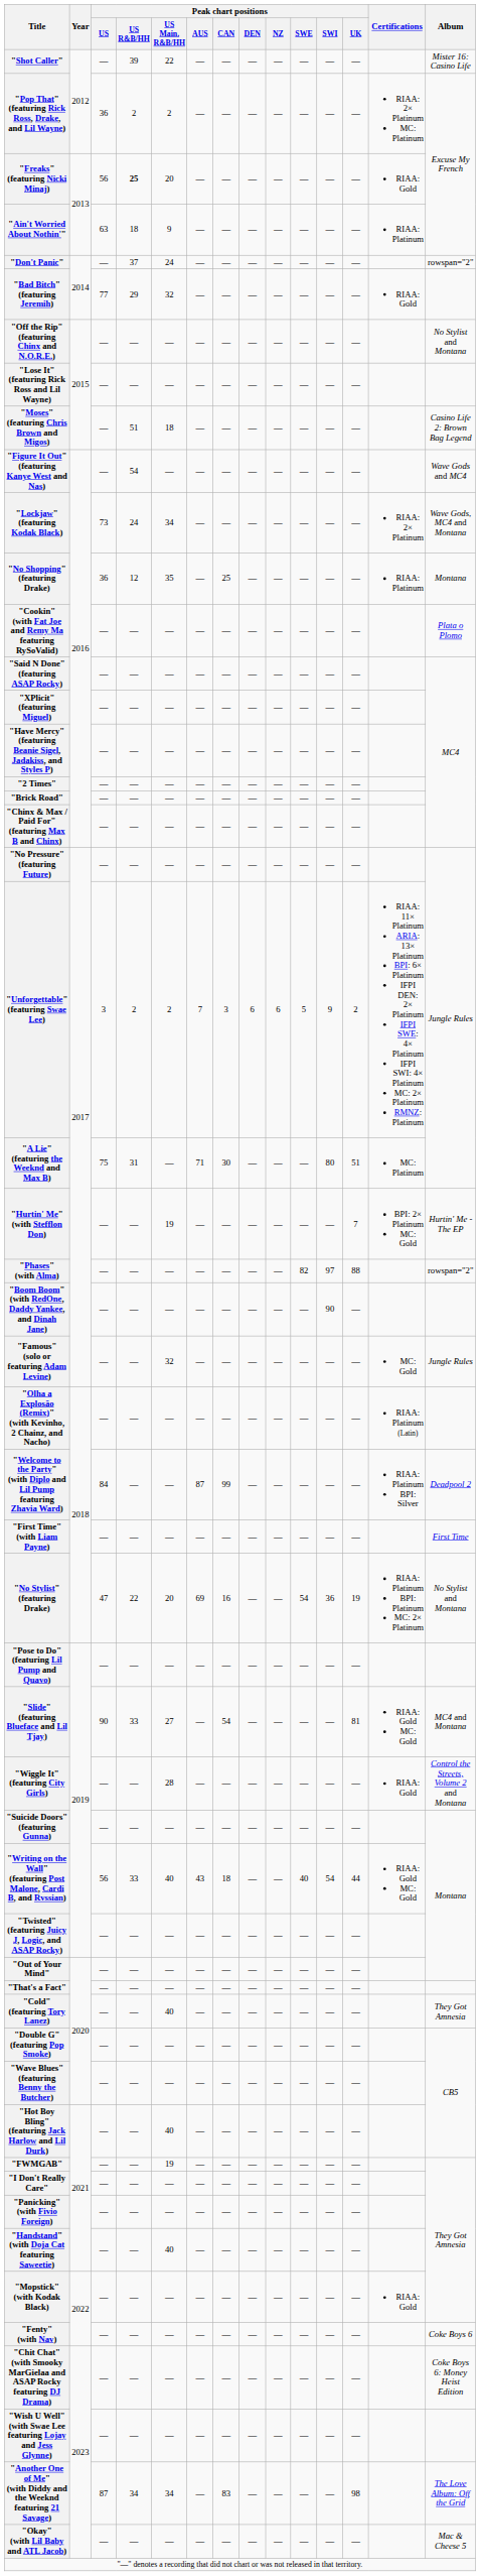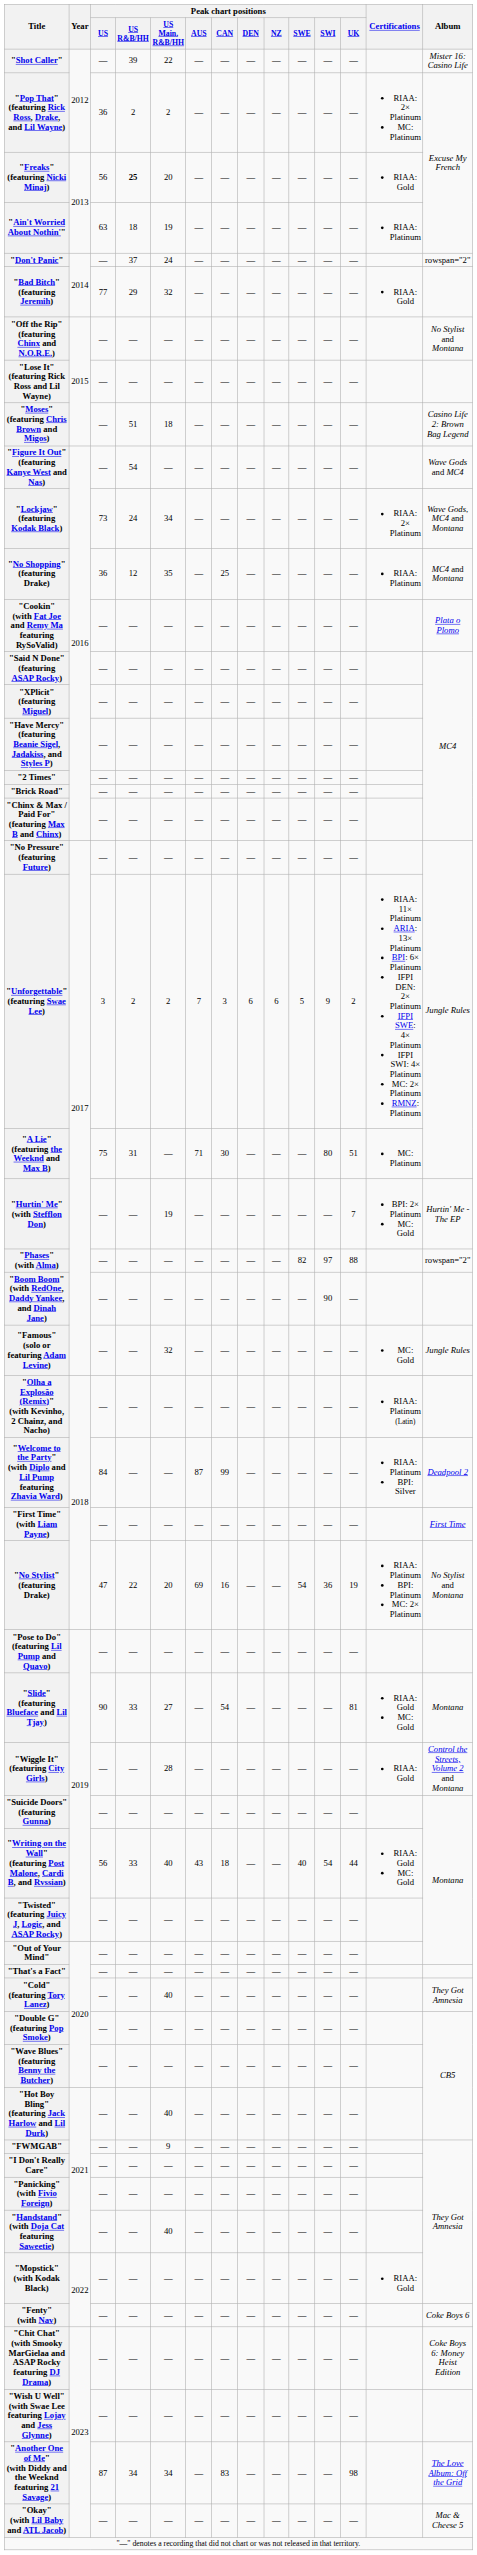 <table class="wikitable plainrowheaders" style="text-align:center;">
 <tr>
 <th scope="col" rowspan="2">Title</th>
 <th scope="col" rowspan="2">Year</th>
 <th scope="col" colspan="10">Peak chart positions</th>
 <th scope="col" rowspan="2"><a href='#'>Certifications</a></th>
 <th scope="col" rowspan="2">Album</th>
 </tr>
 <tr>
 <th scope="col" style="width:3em;font-size:90%;"><a href='#'>US</a><br></th>
 <th scope="col" style="width:3em;font-size:90%;"><a href='#'>US<br>R&B/HH</a><br></th>
 <th scope="col" style="width:3em;font-size:90%;"><a href='#'>US<br>Main.<br>R&B/HH</a><br></th>
 <th scope="col" style="width:3em;font-size:90%;"><a href='#'>AUS</a><br></th>
 <th scope="col" style="width:3em;font-size:90%;"><a href='#'>CAN</a><br></th>
 <th scope="col" style="width:3em;font-size:90%;"><a href='#'>DEN</a><br></th>
 <th scope="col" style="width:3em;font-size:90%;"><a href='#'>NZ</a><br></th>
 <th scope="col" style="width:3em;font-size:90%;"><a href='#'>SWE</a><br></th>
 <th scope="col" style="width:3em;font-size:90%;"><a href='#'>SWI</a><br></th>
 <th scope="col" style="width:3em;font-size:90%;"><a href='#'>UK</a><br></th>
 </tr>
 <tr>
 <th scope="row">"<a href='#'>Shot Caller</a>"</th>
 <td rowspan="2">2012</td>
 <td>—</td>
 <td>39</td>
 <td>22</td>
 <td>—</td>
 <td>—</td>
 <td>—</td>
 <td>—</td>
 <td>—</td>
 <td>—</td>
 <td>—</td>
 <td></td>
 <td><em>Mister 16: Casino Life</em></td>
 </tr>
 <tr>
 <th scope="row">"<a href='#'>Pop That</a>"<br><span>(featuring <a href='#'>Rick Ross</a>, <a href='#'>Drake</a>, and <a href='#'>Lil Wayne</a>)</span></th>
 <td>36</td>
 <td>2</td>
 <td>2</td>
 <td>—</td>
 <td>—</td>
 <td>—</td>
 <td>—</td>
 <td>—</td>
 <td>—</td>
 <td>—</td>
 <td><br><ul><li>RIAA: 2× Platinum</li><li>MC: Platinum</li></ul></td>
 <td rowspan="3"><em>Excuse My French</em></td>
 </tr>
 <tr>
 <th scope="row">"<a href='#'>Freaks</a>"<br><span>(featuring <a href='#'>Nicki Minaj</a>)</span></th>
 <td rowspan="2">2013</td>
 <td>56</td>
 <td><strong>25</strong></td>
 <td>20</td>
 <td>—</td>
 <td>—</td>
 <td>—</td>
 <td>—</td>
 <td>—</td>
 <td>—</td>
 <td>—</td>
 <td><br><ul><li>RIAA: Gold</li></ul></td>
 </tr>
 <tr>
 <th scope="row">"<a href='#'>Ain't Worried About Nothin'</a>"</th>
 <td>63</td>
 <td>18</td>
-<td>9</td>
+<td>19</td>
 <td>—</td>
 <td>—</td>
 <td>—</td>
 <td>—</td>
 <td>—</td>
 <td>—</td>
 <td>—</td>
 <td><br><ul><li>RIAA: Platinum</li></ul></td>
 </tr>
 <tr>
 <th scope="row">"<a href='#'>Don't Panic</a>"</th>
 <td rowspan="2">2014</td>
 <td>—</td>
 <td>37</td>
 <td>24</td>
 <td>—</td>
 <td>—</td>
 <td>—</td>
 <td>—</td>
 <td>—</td>
 <td>—</td>
 <td>—</td>
 <td></td>
 <td>rowspan="2" </td>
 </tr>
 <tr>
 <th scope="row">"<a href='#'>Bad Bitch</a>"<br><span>(featuring <a href='#'>Jeremih</a>)</span></th>
 <td>77</td>
 <td>29</td>
 <td>32</td>
 <td>—</td>
 <td>—</td>
 <td>—</td>
 <td>—</td>
 <td>—</td>
 <td>—</td>
 <td>—</td>
 <td><br><ul><li>RIAA: Gold</li></ul></td>
 </tr>
 <tr>
 <th scope="row">"Off the Rip"<br><span>(featuring <a href='#'>Chinx</a> and <a href='#'>N.O.R.E.</a>)</span></th>
 <td rowspan="3">2015</td>
 <td>—</td>
 <td>—</td>
 <td>—</td>
 <td>—</td>
 <td>—</td>
 <td>—</td>
 <td>—</td>
 <td>—</td>
 <td>—</td>
 <td>—</td>
 <td></td>
 <td><em>No Stylist</em> and <em>Montana</em></td>
 </tr>
 <tr>
 <th scope="row">"Lose It"<br><span>(featuring Rick Ross and Lil Wayne)</span></th>
 <td>—</td>
 <td>—</td>
 <td>—</td>
 <td>—</td>
 <td>—</td>
 <td>—</td>
 <td>—</td>
 <td>—</td>
 <td>—</td>
 <td>—</td>
 <td></td>
 <td></td>
 </tr>
 <tr>
 <th scope="row">"<a href='#'>Moses</a>"<br><span>(featuring <a href='#'>Chris Brown</a> and <a href='#'>Migos</a>)</span></th>
 <td>—</td>
 <td>51</td>
 <td>18</td>
 <td>—</td>
 <td>—</td>
 <td>—</td>
 <td>—</td>
 <td>—</td>
 <td>—</td>
 <td>—</td>
 <td></td>
 <td><em>Casino Life 2: Brown Bag Legend</em></td>
 </tr>
 <tr>
 <th scope="row">"<a href='#'>Figure It Out</a>"<br><span>(featuring <a href='#'>Kanye West</a> and <a href='#'>Nas</a>)</span></th>
 <td rowspan="10">2016</td>
 <td>—</td>
 <td>54</td>
 <td>—</td>
 <td>—</td>
 <td>—</td>
 <td>—</td>
 <td>—</td>
 <td>—</td>
 <td>—</td>
 <td>—</td>
 <td></td>
 <td><em>Wave Gods</em> and <em>MC4</em></td>
 </tr>
 <tr>
 <th scope="row">"<a href='#'>Lockjaw</a>"<br><span>(featuring <a href='#'>Kodak Black</a>)</span></th>
 <td>73</td>
 <td>24</td>
 <td>34</td>
 <td>—</td>
 <td>—</td>
 <td>—</td>
 <td>—</td>
 <td>—</td>
 <td>—</td>
 <td>—</td>
 <td><br><ul><li>RIAA: 2× Platinum</li></ul></td>
 <td><em>Wave Gods</em>, <em>MC4</em> and <em>Montana</em></td>
 </tr>
 <tr>
 <th scope="row">"<a href='#'>No Shopping</a>"<br><span>(featuring Drake)</span></th>
 <td>36</td>
 <td>12</td>
 <td>35</td>
 <td>—</td>
 <td>25</td>
 <td>—</td>
 <td>—</td>
 <td>—</td>
 <td>—</td>
 <td>—</td>
 <td><br><ul><li>RIAA: Platinum</li></ul></td>
-<td><em>Montana</em></td>
+<td><em>MC4</em> and <em>Montana</em></td>
 </tr>
 <tr>
 <th scope="row">"Cookin"<br><span>(with <a href='#'>Fat Joe</a> and <a href='#'>Remy Ma</a> featuring RySoValid)</span></th>
 <td>—</td>
 <td>—</td>
 <td>—</td>
 <td>—</td>
 <td>—</td>
 <td>—</td>
 <td>—</td>
 <td>—</td>
 <td>—</td>
 <td>—</td>
 <td></td>
 <td><em><a href='#'>Plata o Plomo</a></em></td>
 </tr>
 <tr>
 <th scope="row">"Said N Done"<br><span>(featuring <a href='#'>ASAP Rocky</a>)</span></th>
 <td>—</td>
 <td>—</td>
 <td>—</td>
 <td>—</td>
 <td>—</td>
 <td>—</td>
 <td>—</td>
 <td>—</td>
 <td>—</td>
 <td>—</td>
 <td></td>
 <td rowspan="6"><em>MC4</em></td>
 </tr>
 <tr>
 <th scope="row">"XPlicit"<br><span>(featuring <a href='#'>Miguel</a>)</span></th>
 <td>—</td>
 <td>—</td>
 <td>—</td>
 <td>—</td>
 <td>—</td>
 <td>—</td>
 <td>—</td>
 <td>—</td>
 <td>—</td>
 <td>—</td>
 <td></td>
 </tr>
 <tr>
 <th scope="row">"Have Mercy"<br><span>(featuring <a href='#'>Beanie Sigel</a>, <a href='#'>Jadakiss</a>, and <a href='#'>Styles P</a>)</span></th>
 <td>—</td>
 <td>—</td>
 <td>—</td>
 <td>—</td>
 <td>—</td>
 <td>—</td>
 <td>—</td>
 <td>—</td>
 <td>—</td>
 <td>—</td>
 <td></td>
 </tr>
 <tr>
 <th scope="row">"2 Times"</th>
 <td>—</td>
 <td>—</td>
 <td>—</td>
 <td>—</td>
 <td>—</td>
 <td>—</td>
 <td>—</td>
 <td>—</td>
 <td>—</td>
 <td>—</td>
 <td></td>
 </tr>
 <tr>
 <th scope="row">"Brick Road"</th>
 <td>—</td>
 <td>—</td>
 <td>—</td>
 <td>—</td>
 <td>—</td>
 <td>—</td>
 <td>—</td>
 <td>—</td>
 <td>—</td>
 <td>—</td>
 <td></td>
 </tr>
 <tr>
 <th scope="row">"Chinx & Max / Paid For"<br><span>(featuring <a href='#'>Max B</a> and <a href='#'>Chinx</a>)</span></th>
 <td>—</td>
 <td>—</td>
 <td>—</td>
 <td>—</td>
 <td>—</td>
 <td>—</td>
 <td>—</td>
 <td>—</td>
 <td>—</td>
 <td>—</td>
 <td></td>
 </tr>
 <tr>
 <th scope="row">"No Pressure"<br><span>(featuring <a href='#'>Future</a>)</span></th>
 <td rowspan="7">2017</td>
 <td>—</td>
 <td>—</td>
 <td>—</td>
 <td>—</td>
 <td>—</td>
 <td>—</td>
 <td>—</td>
 <td>—</td>
 <td>—</td>
 <td>—</td>
 <td></td>
 <td rowspan="3"><em>Jungle Rules</em></td>
 </tr>
 <tr>
 <th scope="row">"<a href='#'>Unforgettable</a>"<br><span>(featuring <a href='#'>Swae Lee</a>)</span></th>
 <td>3</td>
 <td>2</td>
 <td>2</td>
 <td>7</td>
 <td>3</td>
 <td>6</td>
 <td>6</td>
 <td>5</td>
 <td>9</td>
 <td>2</td>
 <td><br><ul><li>RIAA: 11× Platinum</li><li><a href='#'>ARIA</a>: 13× Platinum</li><li><a href='#'>BPI</a>: 6× Platinum</li><li>IFPI DEN: 2× Platinum</li><li><a href='#'>IFPI SWE</a>: 4× Platinum</li><li>IFPI SWI: 4× Platinum</li><li>MC: 2× Platinum</li><li><a href='#'>RMNZ</a>: Platinum</li></ul></td>
 </tr>
 <tr>
 <th scope="row">"<a href='#'>A Lie</a>"<br><span>(featuring <a href='#'>the Weeknd</a> and <a href='#'>Max B</a>)</span></th>
 <td>75</td>
 <td>31</td>
 <td>—</td>
 <td>71</td>
 <td>30</td>
 <td>—</td>
 <td>—</td>
 <td>—</td>
 <td>80</td>
 <td>51</td>
 <td><br><ul><li>MC: Platinum</li></ul></td>
 </tr>
 <tr>
 <th scope="row">"<a href='#'>Hurtin' Me</a>"<br><span>(with <a href='#'>Stefflon Don</a>)</span></th>
 <td>—</td>
 <td>—</td>
 <td>19</td>
 <td>—</td>
 <td>—</td>
 <td>—</td>
 <td>—</td>
 <td>—</td>
 <td>—</td>
 <td>7</td>
 <td><br><ul><li>BPI: 2× Platinum</li><li>MC: Gold</li></ul></td>
 <td><em>Hurtin' Me - The EP</em></td>
 </tr>
 <tr>
 <th scope="row">"<a href='#'>Phases</a>"<br><span>(with <a href='#'>Alma</a>)</span></th>
 <td>—</td>
 <td>—</td>
 <td>—</td>
 <td>—</td>
 <td>—</td>
 <td>—</td>
 <td>—</td>
 <td>82<br></td>
 <td>97</td>
 <td>88</td>
 <td></td>
 <td>rowspan="2" </td>
 </tr>
 <tr>
 <th scope="row">"<a href='#'>Boom Boom</a>"<br><span>(with <a href='#'>RedOne</a>, <a href='#'>Daddy Yankee</a>, and <a href='#'>Dinah Jane</a>)</span></th>
 <td>—</td>
 <td>—</td>
 <td>—</td>
 <td>—</td>
 <td>—</td>
 <td>—</td>
 <td>—</td>
 <td>—</td>
 <td>90</td>
 <td>—</td>
 <td></td>
 </tr>
 <tr>
 <th scope="row">"Famous"<br><span>(solo or featuring <a href='#'>Adam Levine</a>)</span></th>
 <td>—</td>
 <td>—</td>
 <td>32</td>
 <td>—</td>
 <td>—</td>
 <td>—</td>
 <td>—</td>
 <td>—</td>
 <td>—</td>
 <td>—</td>
 <td><br><ul><li>MC: Gold</li></ul></td>
 <td><em>Jungle Rules</em></td>
 </tr>
 <tr>
 <th scope="row">"<a href='#'>Olha a Explosão (Remix)</a>"<br><span>(with Kevinho, 2 Chainz, and Nacho)</span></th>
 <td rowspan="4">2018</td>
 <td>—</td>
 <td>—</td>
 <td>—</td>
 <td>—</td>
 <td>—</td>
 <td>—</td>
 <td>—</td>
 <td>—</td>
 <td>—</td>
 <td>—</td>
 <td><br><ul><li>RIAA: Platinum <small>(Latin)</small></li></ul></td>
 <td></td>
 </tr>
 <tr>
 <th scope="row">"<a href='#'>Welcome to the Party</a>"<br><span>(with <a href='#'>Diplo</a> and <a href='#'>Lil Pump</a> featuring <a href='#'>Zhavia Ward</a>)</span></th>
 <td>84</td>
 <td>—</td>
 <td>—</td>
 <td>87</td>
 <td>99</td>
 <td>—</td>
 <td>—</td>
 <td>—</td>
 <td>—</td>
 <td>—</td>
 <td><br><ul><li>RIAA: Platinum</li><li>BPI: Silver</li></ul></td>
 <td><em><a href='#'>Deadpool 2</a></em></td>
 </tr>
 <tr>
 <th scope="row">"First Time"<br><span>(with <a href='#'>Liam Payne</a>)</span></th>
 <td>—</td>
 <td>—</td>
 <td>—</td>
 <td>—</td>
 <td>—</td>
 <td>—</td>
 <td>—</td>
 <td>—</td>
 <td>—</td>
 <td>—</td>
 <td></td>
 <td><em><a href='#'>First Time</a></em></td>
 </tr>
 <tr>
 <th scope="row">"<a href='#'>No Stylist</a>"<br><span>(featuring Drake)</span></th>
 <td>47</td>
 <td>22</td>
 <td>20</td>
 <td>69</td>
 <td>16</td>
 <td>—</td>
 <td>—</td>
 <td>54<br></td>
 <td>36</td>
 <td>19</td>
 <td><br><ul><li>RIAA: Platinum</li><li>BPI: Platinum</li><li>MC: 2× Platinum</li></ul></td>
 <td><em>No Stylist</em> and <em>Montana</em></td>
 </tr>
 <tr>
 <th scope="row">"Pose to Do"<br><span>(featuring <a href='#'>Lil Pump</a> and <a href='#'>Quavo</a>)</span></th>
 <td rowspan="6">2019</td>
 <td>—</td>
 <td>—</td>
 <td>—</td>
 <td>—</td>
 <td>—</td>
 <td>—</td>
 <td>—</td>
 <td>—</td>
 <td>—</td>
 <td>—</td>
 <td></td>
 <td></td>
 </tr>
 <tr>
 <th scope="row">"<a href='#'>Slide</a>"<br><span>(featuring <a href='#'>Blueface</a> and <a href='#'>Lil Tjay</a>)</span></th>
 <td>90</td>
 <td>33</td>
 <td>27</td>
 <td>—</td>
 <td>54</td>
 <td>—</td>
 <td>—</td>
 <td>—</td>
 <td>—</td>
 <td>81</td>
 <td><br><ul><li>RIAA: Gold</li><li>MC: Gold</li></ul></td>
-<td><em>MC4</em> and <em>Montana</em></td>
+<td><em>Montana</em></td>
 </tr>
 <tr>
 <th scope="row">"Wiggle It"<br><span>(featuring <a href='#'>City Girls</a>)</span></th>
 <td>—</td>
 <td>—</td>
 <td>28</td>
 <td>—</td>
 <td>—</td>
 <td>—</td>
 <td>—</td>
 <td>—</td>
 <td>—</td>
 <td>—</td>
 <td><br><ul><li>RIAA: Gold</li></ul></td>
 <td><em><a href='#'>Control the Streets, Volume 2</a></em> and <em>Montana</em></td>
 </tr>
 <tr>
 <th scope="row">"Suicide Doors"<br><span>(featuring <a href='#'>Gunna</a>)</span></th>
 <td>—</td>
 <td>—</td>
 <td>—</td>
 <td>—</td>
 <td>—</td>
 <td>—</td>
 <td>—</td>
 <td>—</td>
 <td>—</td>
 <td>—</td>
 <td></td>
 <td rowspan="4"><em>Montana</em></td>
 </tr>
 <tr>
 <th scope="row">"<a href='#'>Writing on the Wall</a>"<br><span>(featuring <a href='#'>Post Malone</a>, <a href='#'>Cardi B</a>, and <a href='#'>Rvssian</a>)</span></th>
 <td>56</td>
 <td>33</td>
 <td>40</td>
 <td>43</td>
 <td>18</td>
 <td>—</td>
 <td>—</td>
 <td>40</td>
 <td>54</td>
 <td>44</td>
 <td><br><ul><li>RIAA: Gold</li><li>MC: Gold</li></ul></td>
 </tr>
 <tr>
 <th scope="row">"Twisted"<br><span>(featuring <a href='#'>Juicy J</a>, <a href='#'>Logic</a>, and <a href='#'>ASAP Rocky</a>)</span></th>
 <td>—</td>
 <td>—</td>
 <td>—</td>
 <td>—</td>
 <td>—</td>
 <td>—</td>
 <td>—</td>
 <td>—</td>
 <td>—</td>
 <td>—</td>
 <td></td>
 </tr>
 <tr>
 <th scope="row">"Out of Your Mind"<br></th>
 <td rowspan="5">2020</td>
 <td>—</td>
 <td>—</td>
 <td>—</td>
 <td>—</td>
 <td>—</td>
 <td>—</td>
 <td>—</td>
 <td>—</td>
 <td>—</td>
 <td>—</td>
 <td></td>
 </tr>
 <tr>
 <th scope="row">"That's a Fact"</th>
 <td>—</td>
 <td>—</td>
 <td>—</td>
 <td>—</td>
 <td>—</td>
 <td>—</td>
 <td>—</td>
 <td>—</td>
 <td>—</td>
 <td>—</td>
 <td></td>
 <td></td>
 </tr>
 <tr>
 <th scope="row">"Cold"<br><span>(featuring <a href='#'>Tory Lanez</a>)</span></th>
 <td>—</td>
 <td>—</td>
 <td>40</td>
 <td>—</td>
 <td>—</td>
 <td>—</td>
 <td>—</td>
 <td>—</td>
 <td>—</td>
 <td>—</td>
 <td></td>
 <td><em>They Got Amnesia</em></td>
 </tr>
 <tr>
 <th scope="row">"Double G"<br><span>(featuring <a href='#'>Pop Smoke</a>)</span></th>
 <td>—</td>
 <td>—</td>
 <td>—</td>
 <td>—</td>
 <td>—</td>
 <td>—</td>
 <td>—</td>
 <td>—</td>
 <td>—</td>
 <td>—</td>
 <td></td>
 <td rowspan="3"><em>CB5</em></td>
 </tr>
 <tr>
 <th scope="row">"Wave Blues"<br><span>(featuring <a href='#'>Benny the Butcher</a>)</span></th>
 <td>—</td>
 <td>—</td>
 <td>—</td>
 <td>—</td>
 <td>—</td>
 <td>—</td>
 <td>—</td>
 <td>—</td>
 <td>—</td>
 <td>—</td>
 <td></td>
 </tr>
 <tr>
 <th scope="row">"Hot Boy Bling"<br><span>(featuring <a href='#'>Jack Harlow</a> and <a href='#'>Lil Durk</a>)</span></th>
 <td rowspan="5">2021</td>
 <td>—</td>
 <td>—</td>
 <td>40</td>
 <td>—</td>
 <td>—</td>
 <td>—</td>
 <td>—</td>
 <td>—</td>
 <td>—</td>
 <td>—</td>
 <td></td>
 </tr>
 <tr>
 <th scope="row">"FWMGAB"</th>
 <td>—</td>
 <td>—</td>
-<td>19</td>
+<td>9</td>
 <td>—</td>
 <td>—</td>
 <td>—</td>
 <td>—</td>
 <td>—</td>
 <td>—</td>
 <td>—</td>
 <td></td>
 <td rowspan="5"><em>They Got Amnesia</em></td>
 </tr>
 <tr>
 <th scope="row">"I Don't Really Care"</th>
 <td>—</td>
 <td>—</td>
 <td>—</td>
 <td>—</td>
 <td>—</td>
 <td>—</td>
 <td>—</td>
 <td>—</td>
 <td>—</td>
 <td>—</td>
 <td></td>
 </tr>
 <tr>
 <th scope="row">"Panicking"<br><span>(with <a href='#'>Fivio Foreign</a>)</span></th>
 <td>—</td>
 <td>—</td>
 <td>—</td>
 <td>—</td>
 <td>—</td>
 <td>—</td>
 <td>—</td>
 <td>—</td>
 <td>—</td>
 <td>—</td>
 <td></td>
 </tr>
 <tr>
 <th scope="row">"<a href='#'>Handstand</a>"<br><span>(with <a href='#'>Doja Cat</a> featuring <a href='#'>Saweetie</a>)</span></th>
 <td>—</td>
 <td>—</td>
 <td>40</td>
 <td>—</td>
 <td>—</td>
 <td>—</td>
 <td>—</td>
 <td>—</td>
 <td>—</td>
 <td>—</td>
 <td></td>
 </tr>
 <tr>
 <th scope="row">"Mopstick"<br><span>(with Kodak Black)</span></th>
 <td rowspan="2">2022</td>
 <td>—</td>
 <td>—</td>
 <td>—</td>
 <td>—</td>
 <td>—</td>
 <td>—</td>
 <td>—</td>
 <td>—</td>
 <td>—</td>
 <td>—</td>
 <td><br><ul><li>RIAA: Gold</li></ul></td>
 </tr>
 <tr>
 <th scope="row">"Fenty"<br><span>(with <a href='#'>Nav</a>)</span></th>
 <td>—</td>
 <td>—</td>
 <td>—</td>
 <td>—</td>
 <td>—</td>
 <td>—</td>
 <td>—</td>
 <td>—</td>
 <td>—</td>
 <td>—</td>
 <td></td>
 <td><em>Coke Boys 6</em></td>
 </tr>
 <tr>
 <th scope="row">"Chit Chat"<br><span>(with Smooky MarGielaa and ASAP Rocky featuring <a href='#'>DJ Drama</a>)</span></th>
 <td rowspan="4">2023</td>
 <td>—</td>
 <td>—</td>
 <td>—</td>
 <td>—</td>
 <td>—</td>
 <td>—</td>
 <td>—</td>
 <td>—</td>
 <td>—</td>
 <td>—</td>
 <td></td>
 <td><em>Coke Boys 6: Money Heist Edition</em></td>
 </tr>
 <tr>
 <th scope="row">"Wish U Well"<br><span>(with Swae Lee featuring <a href='#'>Lojay</a> and <a href='#'>Jess Glynne</a>)</span></th>
 <td>—</td>
 <td>—</td>
 <td>—</td>
 <td>—</td>
 <td>—</td>
 <td>—</td>
 <td>—</td>
 <td>—</td>
 <td>—</td>
 <td>—</td>
 <td></td>
 <td></td>
 </tr>
 <tr>
 <th scope="row">"<a href='#'>Another One of Me</a>"<br><span>(with Diddy and the Weeknd featuring <a href='#'>21 Savage</a>)</span></th>
 <td>87</td>
 <td>34</td>
 <td>34</td>
 <td>—</td>
 <td>83</td>
 <td>—</td>
 <td>—</td>
 <td>—</td>
 <td>—</td>
 <td>98</td>
 <td></td>
 <td><em><a href='#'>The Love Album: Off the Grid</a></em></td>
 </tr>
 <tr>
 <th scope="row">"Okay"<br><span>(with <a href='#'>Lil Baby</a> and <a href='#'>ATL Jacob</a>)</span></th>
 <td>—</td>
 <td>—</td>
 <td>—</td>
 <td>—</td>
 <td>—</td>
 <td>—</td>
 <td>—</td>
 <td>—</td>
 <td>—</td>
 <td>—</td>
 <td></td>
 <td><em>Mac & Cheese 5</em></td>
 </tr>
 <tr>
 <td colspan="16" style="font-size:90%">"—" denotes a recording that did not chart or was not released in that territory.</td>
 </tr>
 </table>
